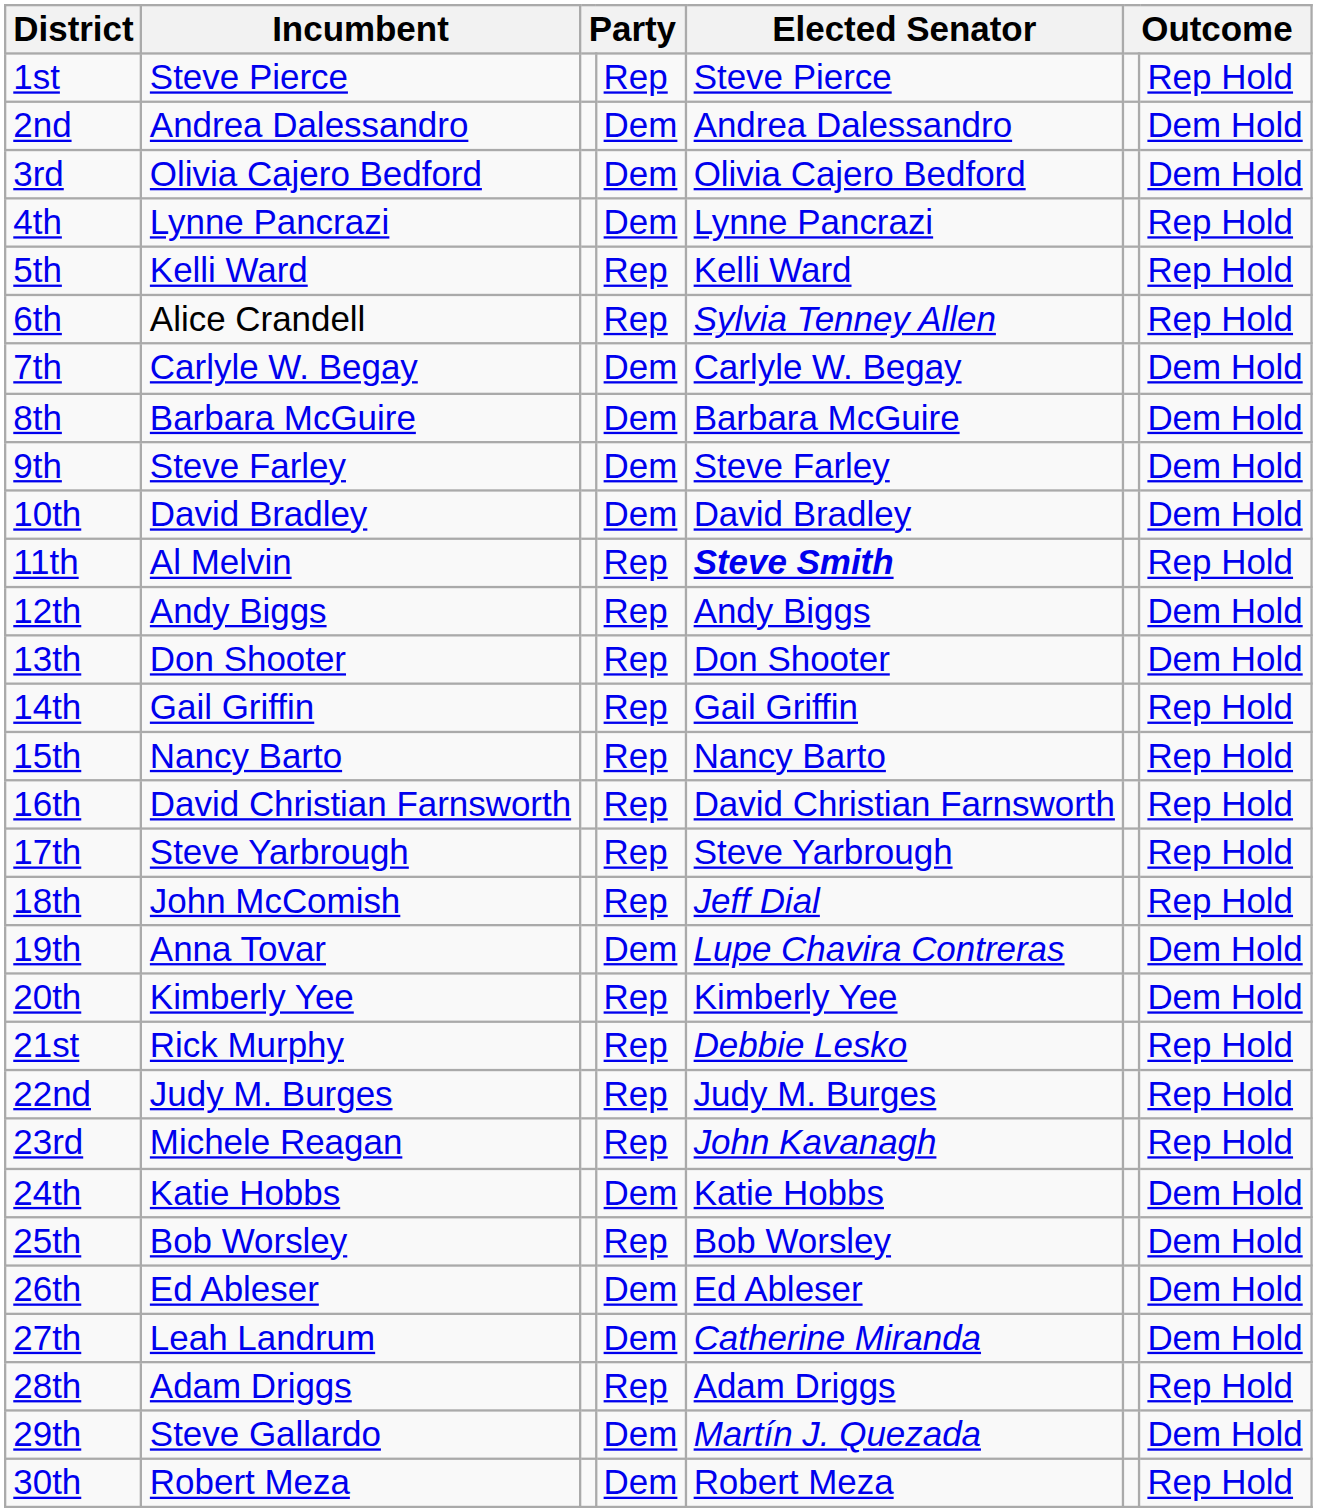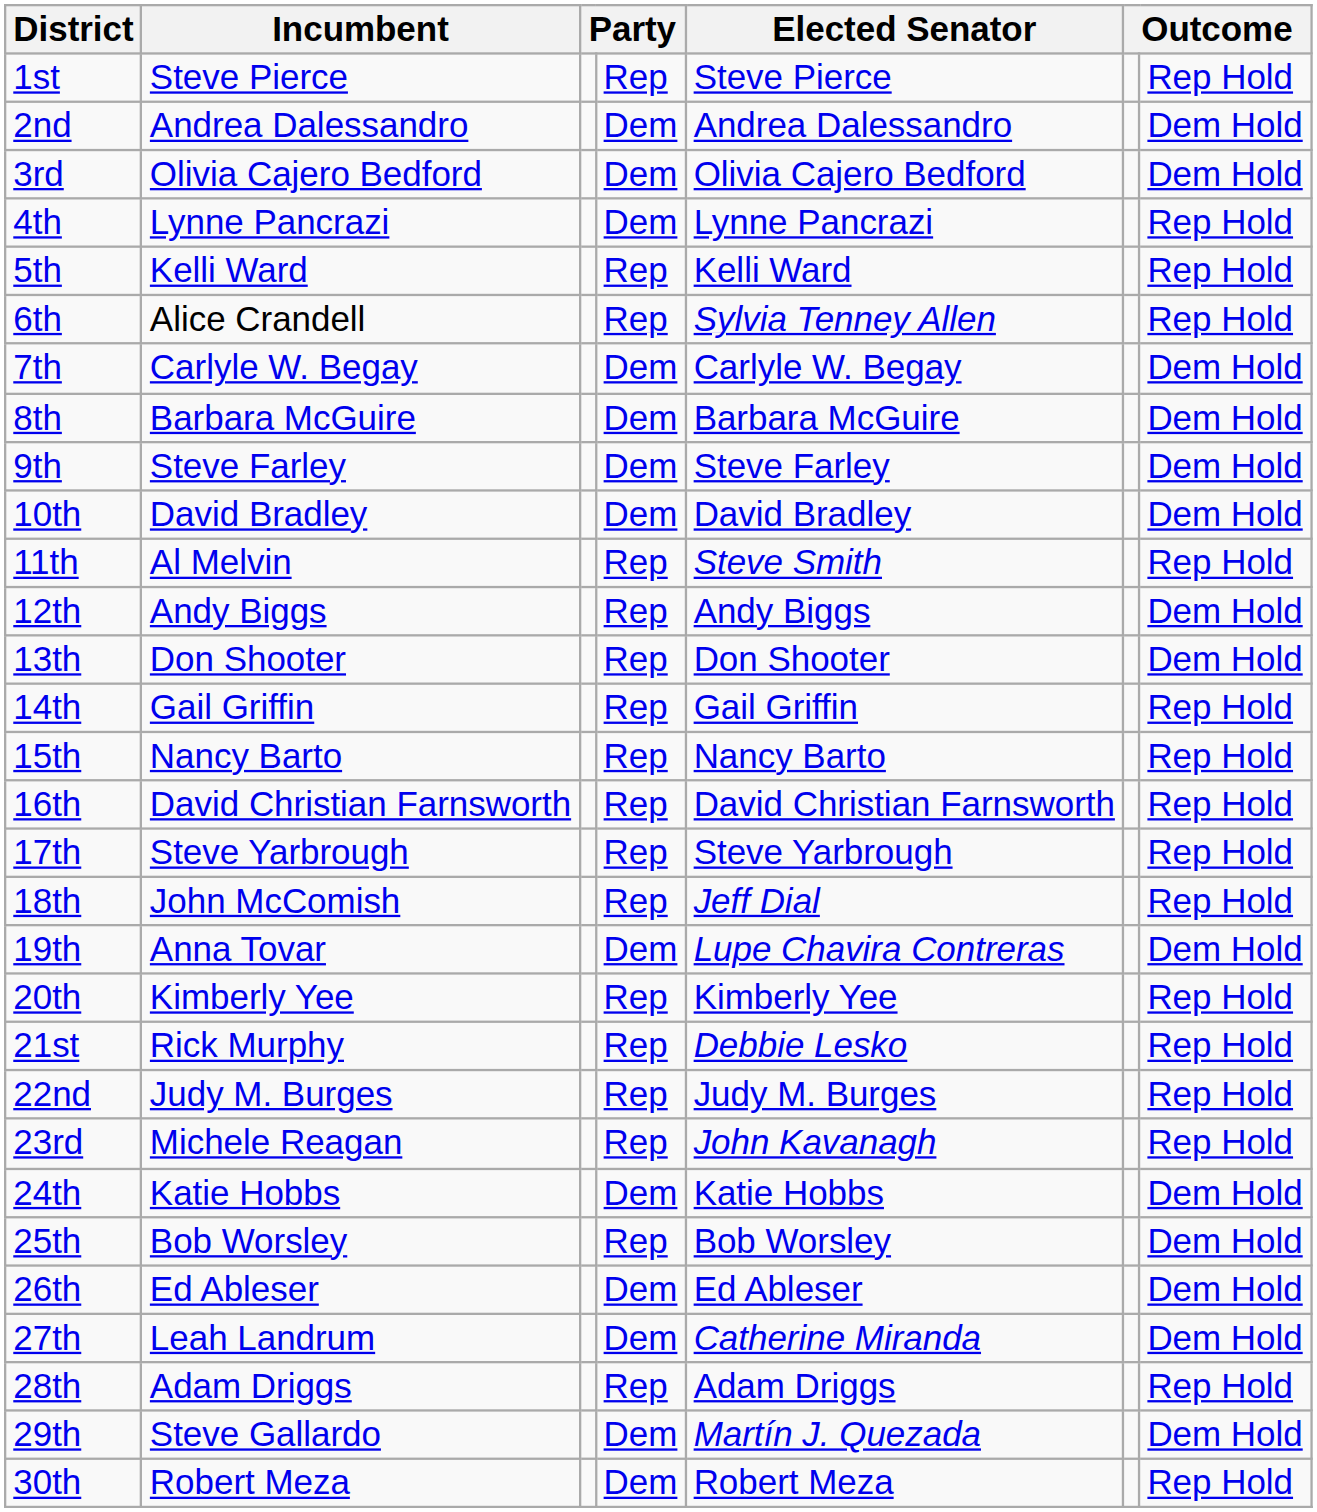 <table class="sortable wikitable" style="font-size:95%;line-height:14px;">
 <tr>
 <th>District</th>
 <th>Incumbent</th>
 <th colspan="2">Party</th>
 <th>Elected Senator</th>
 <th colspan="2">Outcome</th>
 </tr>
 <tr>
 <td><a href='#'>1st</a></td>
 <td><a href='#'>Steve Pierce</a></td>
 <td style="background:"></td>
 <td><a href='#'>Rep</a></td>
 <td><a href='#'>Steve Pierce</a></td>
 <td style="background:"></td>
 <td><a href='#'>Rep Hold</a></td>
 </tr>
 <tr>
 <td><a href='#'>2nd</a></td>
 <td><a href='#'>Andrea Dalessandro</a></td>
 <td style="background:"></td>
 <td><a href='#'>Dem</a></td>
 <td><a href='#'>Andrea Dalessandro</a></td>
 <td style="background:"></td>
 <td><a href='#'>Dem Hold</a></td>
 </tr>
 <tr>
 <td><a href='#'>3rd</a></td>
 <td><a href='#'>Olivia Cajero Bedford</a></td>
 <td style="background:"></td>
 <td><a href='#'>Dem</a></td>
 <td><a href='#'>Olivia Cajero Bedford</a></td>
 <td style="background:"></td>
 <td><a href='#'>Dem Hold</a></td>
 </tr>
 <tr>
 <td><a href='#'>4th</a></td>
 <td><a href='#'>Lynne Pancrazi</a></td>
 <td style="background:"></td>
 <td><a href='#'>Dem</a></td>
 <td><a href='#'>Lynne Pancrazi</a></td>
 <td style="background:"></td>
 <td><a href='#'>Rep Hold</a></td>
 </tr>
 <tr>
 <td><a href='#'>5th</a></td>
 <td><a href='#'>Kelli Ward</a></td>
 <td style="background:"></td>
 <td><a href='#'>Rep</a></td>
 <td><a href='#'>Kelli Ward</a></td>
 <td style="background:"></td>
 <td><a href='#'>Rep Hold</a></td>
 </tr>
 <tr>
 <td><a href='#'>6th</a></td>
 <td>Alice Crandell</td>
 <td style="background:"></td>
 <td><a href='#'>Rep</a></td>
 <td><em><a href='#'>Sylvia Tenney Allen</a></em></td>
 <td style="background:"></td>
 <td><a href='#'>Rep Hold</a></td>
 </tr>
 <tr>
 <td><a href='#'>7th</a></td>
 <td><a href='#'>Carlyle W. Begay</a></td>
 <td style="background:"></td>
 <td><a href='#'>Dem</a></td>
 <td><a href='#'>Carlyle W. Begay</a></td>
 <td style="background:"></td>
 <td><a href='#'>Dem Hold</a></td>
 </tr>
 <tr>
 <td><a href='#'>8th</a></td>
 <td><a href='#'>Barbara McGuire</a></td>
 <td style="background:"></td>
 <td><a href='#'>Dem</a></td>
 <td><a href='#'>Barbara McGuire</a></td>
 <td style="background:"></td>
 <td><a href='#'>Dem Hold</a></td>
 </tr>
 <tr>
 <td><a href='#'>9th</a></td>
 <td><a href='#'>Steve Farley</a></td>
 <td style="background:"></td>
 <td><a href='#'>Dem</a></td>
 <td><a href='#'>Steve Farley</a></td>
 <td style="background:"></td>
 <td><a href='#'>Dem Hold</a></td>
 </tr>
 <tr>
 <td><a href='#'>10th</a></td>
 <td><a href='#'>David Bradley</a></td>
 <td style="background:"></td>
 <td><a href='#'>Dem</a></td>
 <td><a href='#'>David Bradley</a></td>
 <td style="background:"></td>
 <td><a href='#'>Dem Hold</a></td>
 </tr>
 <tr>
 <td><a href='#'>11th</a></td>
 <td><a href='#'>Al Melvin</a></td>
 <td style="background:"></td>
 <td><a href='#'>Rep</a></td>
-<td><strong><em><a href='#'>Steve Smith</a></em></strong></td>
+<td><em><a href='#'>Steve Smith</a></em></td>
 <td style="background:"></td>
 <td><a href='#'>Rep Hold</a></td>
 </tr>
 <tr>
 <td><a href='#'>12th</a></td>
 <td><a href='#'>Andy Biggs</a></td>
 <td style="background:"></td>
 <td><a href='#'>Rep</a></td>
 <td><a href='#'>Andy Biggs</a></td>
 <td style="background:"></td>
 <td><a href='#'>Dem Hold</a></td>
 </tr>
 <tr>
 <td><a href='#'>13th</a></td>
 <td><a href='#'>Don Shooter</a></td>
 <td style="background:"></td>
 <td><a href='#'>Rep</a></td>
 <td><a href='#'>Don Shooter</a></td>
 <td style="background:"></td>
 <td><a href='#'>Dem Hold</a></td>
 </tr>
 <tr>
 <td><a href='#'>14th</a></td>
 <td><a href='#'>Gail Griffin</a></td>
 <td style="background:"></td>
 <td><a href='#'>Rep</a></td>
 <td><a href='#'>Gail Griffin</a></td>
 <td style="background:"></td>
 <td><a href='#'>Rep Hold</a></td>
 </tr>
 <tr>
 <td><a href='#'>15th</a></td>
 <td><a href='#'>Nancy Barto</a></td>
 <td style="background:"></td>
 <td><a href='#'>Rep</a></td>
 <td><a href='#'>Nancy Barto</a></td>
 <td style="background:"></td>
 <td><a href='#'>Rep Hold</a></td>
 </tr>
 <tr>
 <td><a href='#'>16th</a></td>
 <td><a href='#'>David Christian Farnsworth</a></td>
 <td style="background:"></td>
 <td><a href='#'>Rep</a></td>
 <td><a href='#'>David Christian Farnsworth</a></td>
 <td style="background:"></td>
 <td><a href='#'>Rep Hold</a></td>
 </tr>
 <tr>
 <td><a href='#'>17th</a></td>
 <td><a href='#'>Steve Yarbrough</a></td>
 <td style="background:"></td>
 <td><a href='#'>Rep</a></td>
 <td><a href='#'>Steve Yarbrough</a></td>
 <td style="background:"></td>
 <td><a href='#'>Rep Hold</a></td>
 </tr>
 <tr>
 <td><a href='#'>18th</a></td>
 <td><a href='#'>John McComish</a></td>
 <td style="background:"></td>
 <td><a href='#'>Rep</a></td>
 <td><em><a href='#'>Jeff Dial</a></em></td>
 <td style="background:"></td>
 <td><a href='#'>Rep Hold</a></td>
 </tr>
 <tr>
 <td><a href='#'>19th</a></td>
 <td><a href='#'>Anna Tovar</a></td>
 <td style="background:"></td>
 <td><a href='#'>Dem</a></td>
 <td><em><a href='#'>Lupe Chavira Contreras</a></em></td>
 <td style="background:"></td>
 <td><a href='#'>Dem Hold</a></td>
 </tr>
 <tr>
 <td><a href='#'>20th</a></td>
 <td><a href='#'>Kimberly Yee</a></td>
 <td style="background:"></td>
 <td><a href='#'>Rep</a></td>
 <td><a href='#'>Kimberly Yee</a></td>
 <td style="background:"></td>
-<td><a href='#'>Dem Hold</a></td>
+<td><a href='#'>Rep Hold</a></td>
 </tr>
 <tr>
 <td><a href='#'>21st</a></td>
 <td><a href='#'>Rick Murphy</a></td>
 <td style="background:"></td>
 <td><a href='#'>Rep</a></td>
 <td><em><a href='#'>Debbie Lesko</a></em></td>
 <td style="background:"></td>
 <td><a href='#'>Rep Hold</a></td>
 </tr>
 <tr>
 <td><a href='#'>22nd</a></td>
 <td><a href='#'>Judy M. Burges</a></td>
 <td style="background:"></td>
 <td><a href='#'>Rep</a></td>
 <td><a href='#'>Judy M. Burges</a></td>
 <td style="background:"></td>
 <td><a href='#'>Rep Hold</a></td>
 </tr>
 <tr>
 <td><a href='#'>23rd</a></td>
 <td><a href='#'>Michele Reagan</a></td>
 <td style="background:"></td>
 <td><a href='#'>Rep</a></td>
 <td><em><a href='#'>John Kavanagh</a></em></td>
 <td style="background:"></td>
 <td><a href='#'>Rep Hold</a></td>
 </tr>
 <tr>
 <td><a href='#'>24th</a></td>
 <td><a href='#'>Katie Hobbs</a></td>
 <td style="background:"></td>
 <td><a href='#'>Dem</a></td>
 <td><a href='#'>Katie Hobbs</a></td>
 <td style="background:"></td>
 <td><a href='#'>Dem Hold</a></td>
 </tr>
 <tr>
 <td><a href='#'>25th</a></td>
 <td><a href='#'>Bob Worsley</a></td>
 <td style="background:"></td>
 <td><a href='#'>Rep</a></td>
 <td><a href='#'>Bob Worsley</a></td>
 <td style="background:"></td>
 <td><a href='#'>Dem Hold</a></td>
 </tr>
 <tr>
 <td><a href='#'>26th</a></td>
 <td><a href='#'>Ed Ableser</a></td>
 <td style="background:"></td>
 <td><a href='#'>Dem</a></td>
 <td><a href='#'>Ed Ableser</a></td>
 <td style="background:"></td>
 <td><a href='#'>Dem Hold</a></td>
 </tr>
 <tr>
 <td><a href='#'>27th</a></td>
 <td><a href='#'>Leah Landrum</a></td>
 <td style="background:"></td>
 <td><a href='#'>Dem</a></td>
 <td><em><a href='#'>Catherine Miranda</a></em></td>
 <td style="background:"></td>
 <td><a href='#'>Dem Hold</a></td>
 </tr>
 <tr>
 <td><a href='#'>28th</a></td>
 <td><a href='#'>Adam Driggs</a></td>
 <td style="background:"></td>
 <td><a href='#'>Rep</a></td>
 <td><a href='#'>Adam Driggs</a></td>
 <td style="background:"></td>
 <td><a href='#'>Rep Hold</a></td>
 </tr>
 <tr>
 <td><a href='#'>29th</a></td>
 <td><a href='#'>Steve Gallardo</a></td>
 <td style="background:"></td>
 <td><a href='#'>Dem</a></td>
 <td><em><a href='#'>Martín J. Quezada</a></em></td>
 <td style="background:"></td>
 <td><a href='#'>Dem Hold</a></td>
 </tr>
 <tr>
 <td><a href='#'>30th</a></td>
 <td><a href='#'>Robert Meza</a></td>
 <td style="background:"></td>
 <td><a href='#'>Dem</a></td>
 <td><a href='#'>Robert Meza</a></td>
 <td style="background:"></td>
 <td><a href='#'>Rep Hold</a></td>
 </tr>
 <tr>
 </tr>
 </table>
